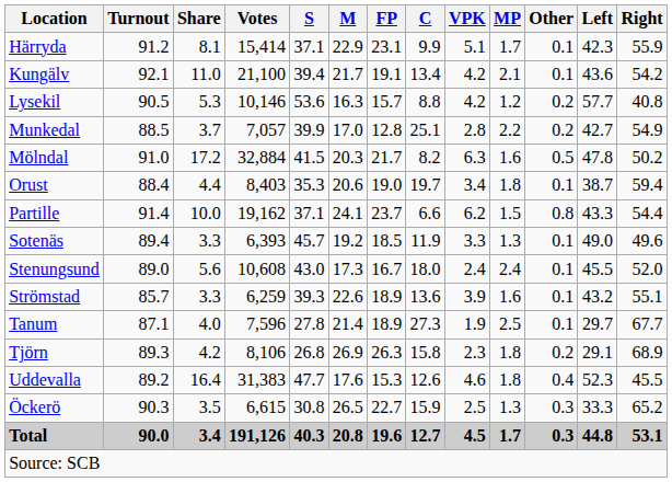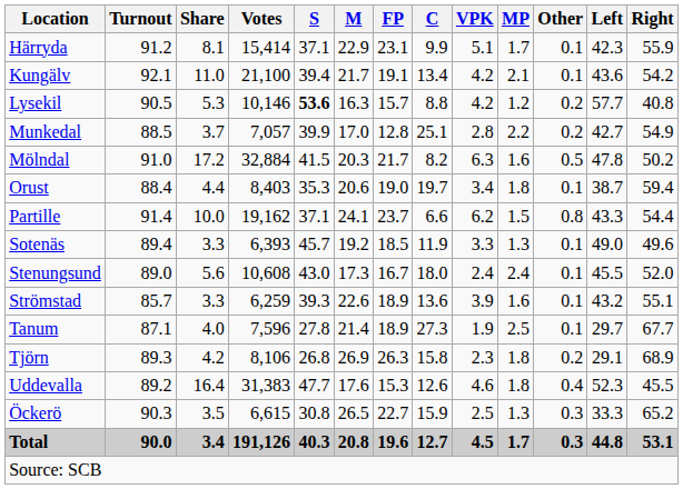 <table class="wikitable sortable" style=text-align:right>
 <tr>
 <th>Location</th>
 <th>Turnout</th>
 <th>Share</th>
 <th>Votes</th>
 <th><a href='#'>S</a></th>
 <th><a href='#'>M</a></th>
 <th><a href='#'>FP</a></th>
 <th><a href='#'>C</a></th>
 <th><a href='#'>VPK</a></th>
 <th><a href='#'>MP</a></th>
 <th>Other</th>
 <th>Left</th>
 <th>Right</th>
 </tr>
 <tr>
 <td align=left><a href='#'>Härryda</a></td>
 <td>91.2</td>
 <td>8.1</td>
 <td>15,414</td>
 <td>37.1</td>
 <td>22.9</td>
 <td>23.1</td>
 <td>9.9</td>
 <td>5.1</td>
 <td>1.7</td>
 <td>0.1</td>
 <td>42.3</td>
 <td>55.9</td>
 </tr>
 <tr>
 <td align=left><a href='#'>Kungälv</a></td>
 <td>92.1</td>
 <td>11.0</td>
 <td>21,100</td>
 <td>39.4</td>
 <td>21.7</td>
 <td>19.1</td>
 <td>13.4</td>
 <td>4.2</td>
 <td>2.1</td>
 <td>0.1</td>
 <td>43.6</td>
 <td>54.2</td>
 </tr>
 <tr>
 <td align=left><a href='#'>Lysekil</a></td>
 <td>90.5</td>
 <td>5.3</td>
 <td>10,146</td>
-<td>53.6</td>
+<td><strong>53.6</strong></td>
 <td>16.3</td>
 <td>15.7</td>
 <td>8.8</td>
 <td>4.2</td>
 <td>1.2</td>
 <td>0.2</td>
 <td>57.7</td>
 <td>40.8</td>
 </tr>
 <tr>
 <td align=left><a href='#'>Munkedal</a></td>
 <td>88.5</td>
 <td>3.7</td>
 <td>7,057</td>
 <td>39.9</td>
 <td>17.0</td>
 <td>12.8</td>
 <td>25.1</td>
 <td>2.8</td>
 <td>2.2</td>
 <td>0.2</td>
 <td>42.7</td>
 <td>54.9</td>
 </tr>
 <tr>
 <td align=left><a href='#'>Mölndal</a></td>
 <td>91.0</td>
 <td>17.2</td>
 <td>32,884</td>
 <td>41.5</td>
 <td>20.3</td>
 <td>21.7</td>
 <td>8.2</td>
 <td>6.3</td>
 <td>1.6</td>
 <td>0.5</td>
 <td>47.8</td>
 <td>50.2</td>
 </tr>
 <tr>
 <td align=left><a href='#'>Orust</a></td>
 <td>88.4</td>
 <td>4.4</td>
 <td>8,403</td>
 <td>35.3</td>
 <td>20.6</td>
 <td>19.0</td>
 <td>19.7</td>
 <td>3.4</td>
 <td>1.8</td>
 <td>0.1</td>
 <td>38.7</td>
 <td>59.4</td>
 </tr>
 <tr>
 <td align=left><a href='#'>Partille</a></td>
 <td>91.4</td>
 <td>10.0</td>
 <td>19,162</td>
 <td>37.1</td>
 <td>24.1</td>
 <td>23.7</td>
 <td>6.6</td>
 <td>6.2</td>
 <td>1.5</td>
 <td>0.8</td>
 <td>43.3</td>
 <td>54.4</td>
 </tr>
 <tr>
 <td align=left><a href='#'>Sotenäs</a></td>
 <td>89.4</td>
 <td>3.3</td>
 <td>6,393</td>
 <td>45.7</td>
 <td>19.2</td>
 <td>18.5</td>
 <td>11.9</td>
 <td>3.3</td>
 <td>1.3</td>
 <td>0.1</td>
 <td>49.0</td>
 <td>49.6</td>
 </tr>
 <tr>
 <td align=left><a href='#'>Stenungsund</a></td>
 <td>89.0</td>
 <td>5.6</td>
 <td>10,608</td>
 <td>43.0</td>
 <td>17.3</td>
 <td>16.7</td>
 <td>18.0</td>
 <td>2.4</td>
 <td>2.4</td>
 <td>0.1</td>
 <td>45.5</td>
 <td>52.0</td>
 </tr>
 <tr>
 <td align=left><a href='#'>Strömstad</a></td>
 <td>85.7</td>
 <td>3.3</td>
 <td>6,259</td>
 <td>39.3</td>
 <td>22.6</td>
 <td>18.9</td>
 <td>13.6</td>
 <td>3.9</td>
 <td>1.6</td>
 <td>0.1</td>
 <td>43.2</td>
 <td>55.1</td>
 </tr>
 <tr>
 <td align=left><a href='#'>Tanum</a></td>
 <td>87.1</td>
 <td>4.0</td>
 <td>7,596</td>
 <td>27.8</td>
 <td>21.4</td>
 <td>18.9</td>
 <td>27.3</td>
 <td>1.9</td>
 <td>2.5</td>
 <td>0.1</td>
 <td>29.7</td>
 <td>67.7</td>
 </tr>
 <tr>
 <td align=left><a href='#'>Tjörn</a></td>
 <td>89.3</td>
 <td>4.2</td>
 <td>8,106</td>
 <td>26.8</td>
 <td>26.9</td>
 <td>26.3</td>
 <td>15.8</td>
 <td>2.3</td>
 <td>1.8</td>
 <td>0.2</td>
 <td>29.1</td>
 <td>68.9</td>
 </tr>
 <tr>
 <td align=left><a href='#'>Uddevalla</a></td>
 <td>89.2</td>
 <td>16.4</td>
 <td>31,383</td>
 <td>47.7</td>
 <td>17.6</td>
 <td>15.3</td>
 <td>12.6</td>
 <td>4.6</td>
 <td>1.8</td>
 <td>0.4</td>
 <td>52.3</td>
 <td>45.5</td>
 </tr>
 <tr>
 <td align=left><a href='#'>Öckerö</a></td>
 <td>90.3</td>
 <td>3.5</td>
 <td>6,615</td>
 <td>30.8</td>
 <td>26.5</td>
 <td>22.7</td>
 <td>15.9</td>
 <td>2.5</td>
 <td>1.3</td>
 <td>0.3</td>
 <td>33.3</td>
 <td>65.2</td>
 </tr>
 <tr>
 </tr>
 <tr style="background:#CDCDCD;">
 <td align=left><strong>Total</strong></td>
 <td><strong>90.0</strong></td>
 <td><strong>3.4</strong></td>
 <td><strong>191,126</strong></td>
 <td><strong>40.3</strong></td>
 <td><strong>20.8</strong></td>
 <td><strong>19.6</strong></td>
 <td><strong>12.7</strong></td>
 <td><strong>4.5</strong></td>
 <td><strong>1.7</strong></td>
 <td><strong>0.3</strong></td>
 <td><strong>44.8</strong></td>
 <td><strong>53.1</strong></td>
 </tr>
 <tr>
 <td align=left colspan=13>Source: SCB </td>
 </tr>
 </table>
